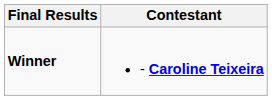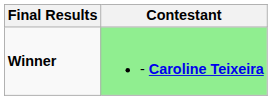 <table class="wikitable">
 <tr>
 <th>Final Results</th>
 <th>Contestant</th>
 </tr>
 <tr>
 <td><strong>Winner</strong></td>
-<td><br><ul><li><strong></strong> - <strong><a href='#'>Caroline Teixeira</a></strong></li></ul></td>
+<td style="background: lightgreen;"><br><ul><li><strong></strong> - <strong><a href='#'>Caroline Teixeira</a></strong></li></ul></td>
 </tr>
 </table>
